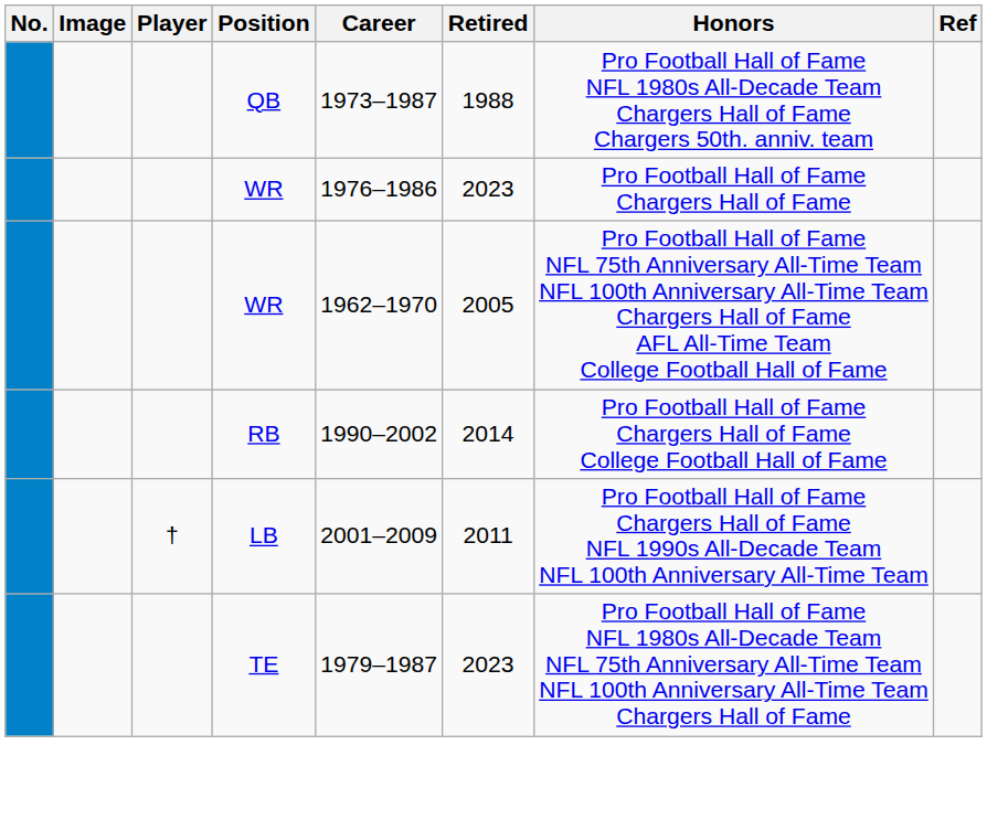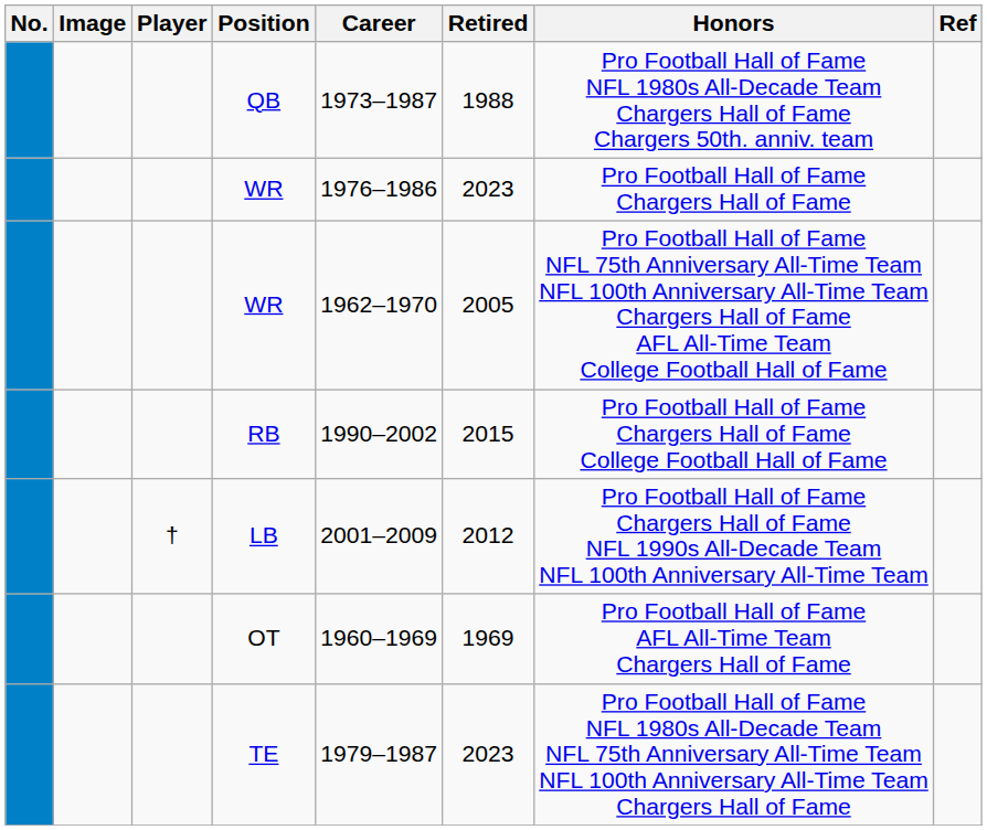 <table class="wikitable" style="text-align:center">
 <tr>
 <th>No.</th>
 <th>Image</th>
 <th>Player</th>
 <th>Position</th>
 <th>Career</th>
 <th>Retired</th>
 <th>Honors</th>
 <th class="unsortable">Ref</th>
 </tr>
 <tr>
 <td style= "background:#0080C6; font-size:25px"></td>
 <td></td>
 <td></td>
 <td><a href='#'>QB</a></td>
 <td>1973–1987</td>
 <td>1988</td>
 <td><a href='#'>Pro Football Hall of Fame</a><br><a href='#'>NFL 1980s All-Decade Team</a><br><a href='#'>Chargers Hall of Fame</a><br><a href='#'>Chargers 50th. anniv. team</a></td>
 <td></td>
 </tr>
 <tr>
 <td style= "background:#0080C6; font-size:25px"></td>
 <td></td>
 <td></td>
 <td><a href='#'>WR</a></td>
 <td>1976–1986</td>
 <td>2023</td>
 <td><a href='#'>Pro Football Hall of Fame</a><br> <a href='#'>Chargers Hall of Fame</a></td>
 <td></td>
 </tr>
 <tr>
 <td style= "background:#0080C6;  font-size:25px"></td>
 <td></td>
 <td></td>
 <td><a href='#'>WR</a></td>
 <td>1962–1970</td>
 <td>2005</td>
 <td><a href='#'>Pro Football Hall of Fame</a><br><a href='#'>NFL 75th Anniversary All-Time Team</a><br><a href='#'>NFL 100th Anniversary All-Time Team</a><br><a href='#'>Chargers Hall of Fame</a><br><a href='#'>AFL All-Time Team</a><br><a href='#'>College Football Hall of Fame</a></td>
 <td></td>
 </tr>
 <tr>
 <td style= "background:#0080C6; font-size:25px"></td>
 <td></td>
 <td></td>
 <td><a href='#'>RB</a></td>
 <td>1990–2002</td>
-<td>2014</td>
+<td>2015</td>
 <td><a href='#'>Pro Football Hall of Fame</a><br><a href='#'>Chargers Hall of Fame</a><br><a href='#'>College Football Hall of Fame</a></td>
 <td></td>
 </tr>
 <tr>
 <td style= "background:#0080C6; font-size:25px"></td>
 <td></td>
 <td>†</td>
 <td><a href='#'>LB</a></td>
 <td>2001–2009</td>
-<td>2011</td>
+<td>2012</td>
 <td><a href='#'>Pro Football Hall of Fame</a><br><a href='#'>Chargers Hall of Fame</a><br><a href='#'>NFL 1990s All-Decade Team</a><br><a href='#'>NFL 100th Anniversary All-Time Team</a></td>
+<td></td>
+</tr>
+<tr>
+<td style= "background:#0080C6; font-size:25px"></td>
+<td></td>
+<td><s></s> </td>
+<td>OT</td>
+<td>1960–1969</td>
+<td>1969</td>
+<td><a href='#'>Pro Football Hall of Fame</a><br><a href='#'>AFL All-Time Team</a><br><a href='#'>Chargers Hall of Fame</a></td>
 <td></td>
 </tr>
 <tr>
 <td style= "background:#0080C6; font-size:25px"></td>
 <td></td>
 <td></td>
 <td><a href='#'>TE</a></td>
 <td>1979–1987</td>
 <td>2023</td>
 <td><a href='#'>Pro Football Hall of Fame</a><br><a href='#'>NFL 1980s All-Decade Team</a><br><a href='#'>NFL 75th Anniversary All-Time Team</a><br><a href='#'>NFL 100th Anniversary All-Time Team</a><br><a href='#'>Chargers Hall of Fame</a></td>
 <td></td>
 </tr>
 </table>
